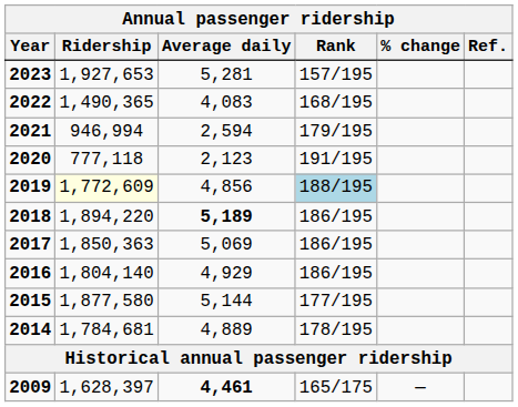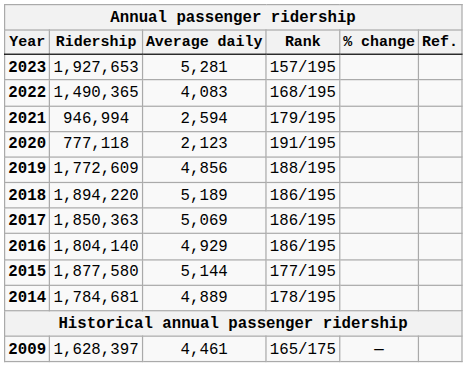 <table class="wikitable sortable" style="text-align:right;">
 <tr>
 <th colspan="6" style="background-color:#">Annual passenger ridership</th>
 </tr>
 <tr style="font-size:95%; text-align:center">
 <th style="border-bottom:1px solid black">Year</th>
 <th style="border-bottom:1px solid black">Ridership</th>
 <th style="border-bottom:1px solid black">Average daily</th>
 <th style="border-bottom:1px solid black">Rank</th>
 <th style="border-bottom:1px solid black">% change</th>
 <th style="border-bottom:1px solid black">Ref.</th>
 </tr>
 <tr style="text-align:center;">
 <td><strong>2023</strong></td>
 <td>1,927,653</td>
 <td>5,281</td>
 <td>157/195</td>
 <td></td>
 <td></td>
 </tr>
 <tr style="text-align:center;">
 <td><strong>2022</strong></td>
 <td>1,490,365</td>
 <td>4,083</td>
 <td>168/195</td>
 <td></td>
 <td></td>
 </tr>
 <tr style="text-align:center;">
 <td><strong>2021</strong></td>
 <td>946,994</td>
 <td>2,594</td>
 <td>179/195</td>
 <td></td>
 <td></td>
 </tr>
 <tr style="text-align:center;">
 <td><strong>2020</strong></td>
 <td>777,118</td>
 <td>2,123</td>
 <td>191/195</td>
 <td></td>
 <td></td>
 </tr>
 <tr style="text-align:center;">
 <td><strong>2019</strong></td>
-<td style="background: lightyellow;">1,772,609</td>
+<td>1,772,609</td>
 <td>4,856</td>
-<td style="background: lightblue;">188/195</td>
+<td>188/195</td>
 <td></td>
 <td></td>
 </tr>
 <tr style="text-align:center;">
 <td><strong>2018</strong></td>
 <td>1,894,220</td>
-<td><strong>5,189</strong></td>
+<td>5,189</td>
 <td>186/195</td>
 <td></td>
 <td></td>
 </tr>
 <tr style="text-align:center;">
 <td><strong>2017</strong></td>
 <td>1,850,363</td>
 <td>5,069</td>
 <td>186/195</td>
 <td></td>
 <td></td>
 </tr>
 <tr style="text-align:center;">
 <td><strong>2016</strong></td>
 <td>1,804,140</td>
 <td>4,929</td>
 <td>186/195</td>
 <td></td>
 <td></td>
 </tr>
 <tr style="text-align:center;">
 <td><strong>2015</strong></td>
 <td>1,877,580</td>
 <td>5,144</td>
 <td>177/195</td>
 <td></td>
 <td></td>
 </tr>
 <tr style="text-align:center;">
 <td><strong>2014</strong></td>
 <td>1,784,681</td>
 <td>4,889</td>
 <td>178/195</td>
 <td></td>
 <td></td>
 </tr>
 <tr>
 <th colspan="6" style="background-color:#">Historical annual passenger ridership</th>
 </tr>
 <tr style="text-align:center;">
 <td><strong>2009</strong></td>
 <td>1,628,397</td>
-<td><strong>4,461</strong></td>
+<td>4,461</td>
 <td>165/175</td>
 <td>—</td>
 <td></td>
 </tr>
 </table>
